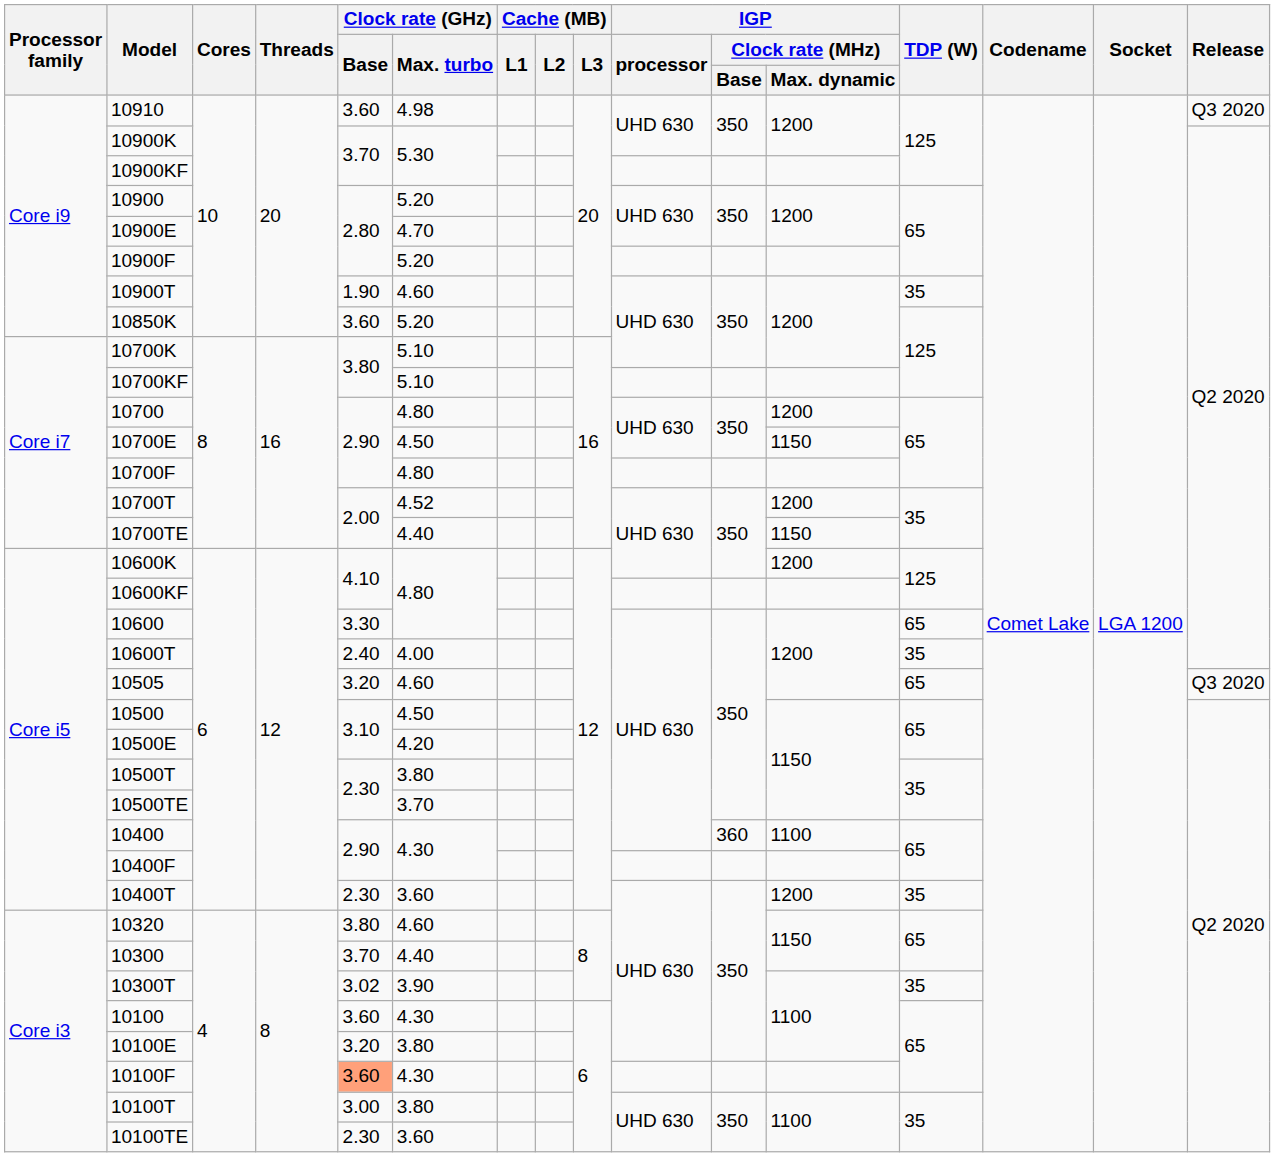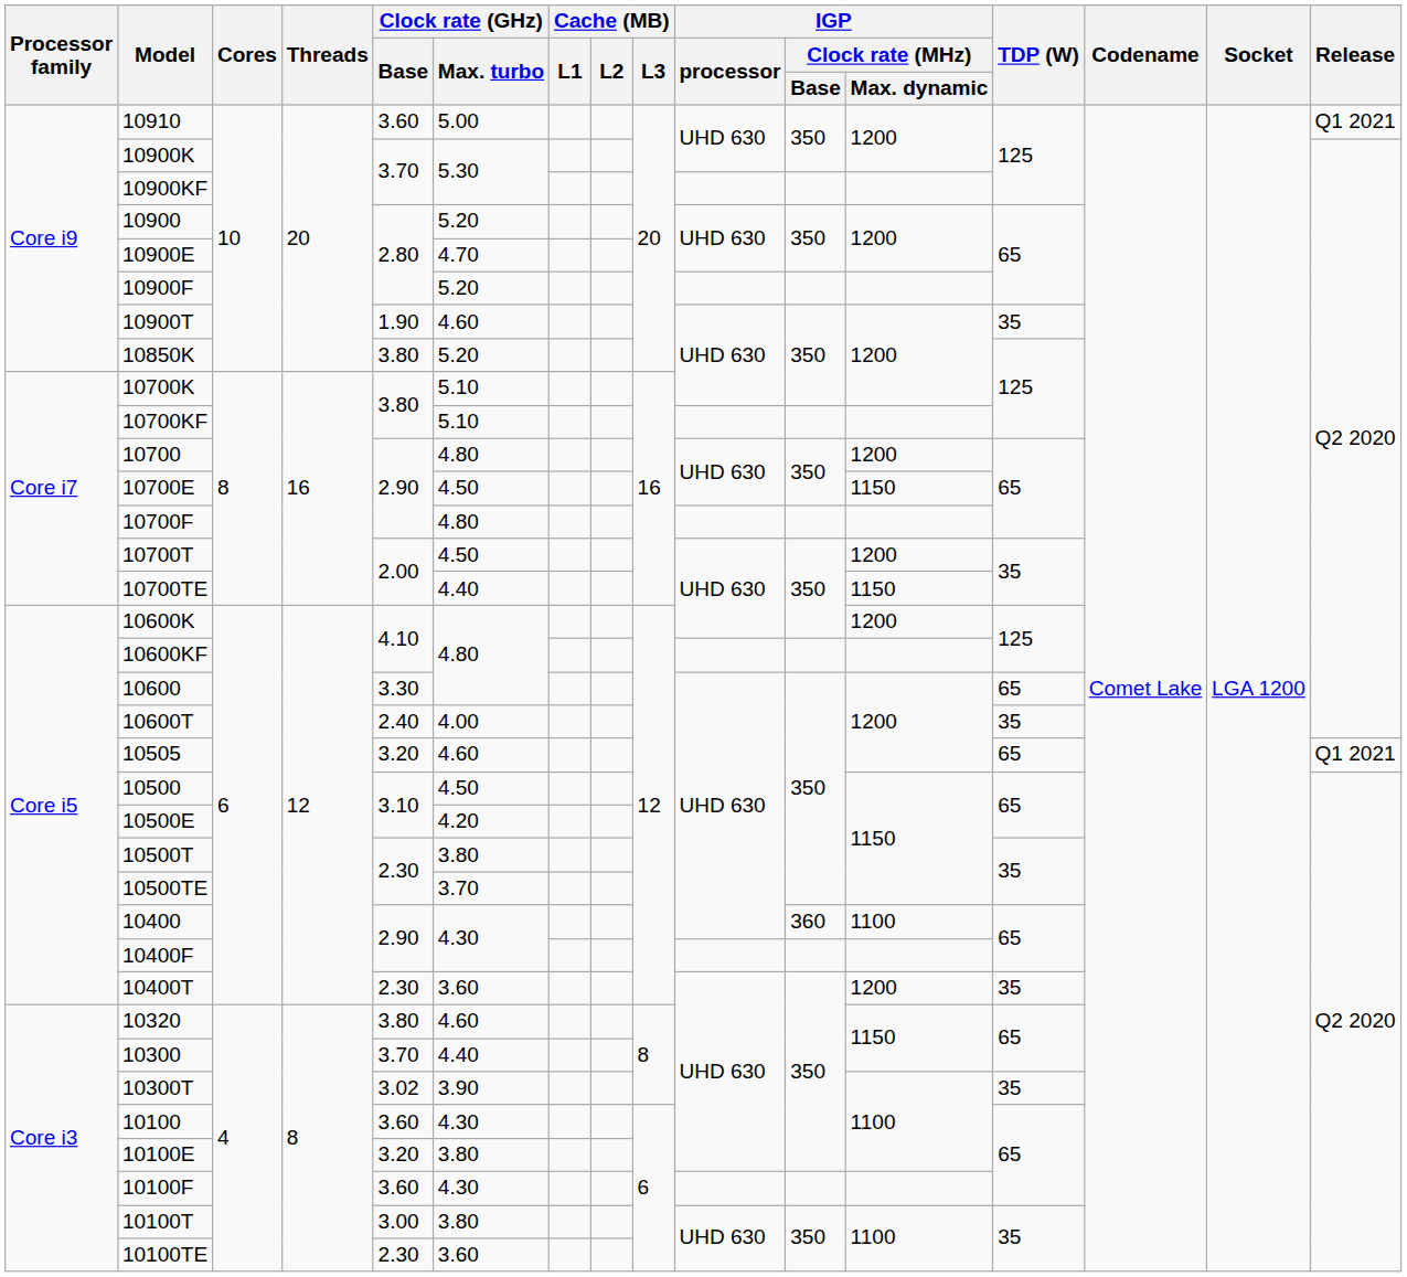 <table class="wikitable center sortable sort-under mw-collapsible">
 <tr>
 <th rowspan=3>Processor <br>family</th>
 <th rowspan=3 data-sort-type=text>Model</th>
 <th rowspan=3 data-sort-type=number>Cores</th>
 <th rowspan=3 data-sort-type=number>Threads</th>
 <th colspan=2><a href='#'>Clock rate</a> (GHz)</th>
 <th colspan=3><a href='#'> Cache</a> (MB)</th>
 <th colspan=3><a href='#'> IGP</a></th>
 <th rowspan=3 data-sort-type=number><a href='#'> TDP</a> (W)</th>
 <th rowspan=3 data-sort-type=text>Code­name</th>
 <th rowspan=3 data-sort-type=text>Socket</th>
 <th rowspan=3 data-sort-type=date>Release</th>
 </tr>
 <tr>
 <th rowspan=2 data-sort-type=number>Base</th>
 <th rowspan=2 data-sort-type=number>Max. <a href='#'> turbo</a></th>
 <th rowspan=2 data-sort-type=number>L1</th>
 <th rowspan=2 data-sort-type=number>L2</th>
 <th rowspan=2 data-sort-type=number>L3</th>
 <th rowspan=2 data-sort-type=text>processor</th>
 <th colspan=2><a href='#'>Clock rate</a> (MHz)</th>
 </tr>
 <tr>
 <th data-sort-type=number>Base</th>
 <th data-sort-type=number>Max. dynamic</th>
 </tr>
 <tr>
 <td rowspan="8"><a href='#'>Core i9</a></td>
 <td>10910</td>
 <td rowspan="8">10</td>
 <td rowspan="8">20</td>
 <td>3.60</td>
-<td 5.00>4.98</td>
+<td 5.00>5.00</td>
 <td></td>
 <td></td>
 <td rowspan="8">20</td>
 <td rowspan="2">UHD 630</td>
 <td rowspan="2">350</td>
 <td rowspan="2">1200</td>
 <td rowspan=3>125</td>
 <td rowspan="35"><a href='#'>Comet Lake</a></td>
 <td rowspan="35"><a href='#'>LGA 1200</a></td>
-<td>Q3 2020</td>
+<td>Q1 2021</td>
 </tr>
 <tr>
 <td>10900K</td>
 <td rowspan="2">3.70</td>
 <td rowspan="2">5.30</td>
 <td></td>
 <td></td>
 <td rowspan="18">Q2 2020</td>
 </tr>
 <tr>
 <td>10900KF</td>
 <td></td>
 <td></td>
 <td></td>
 <td></td>
 <td></td>
 </tr>
 <tr>
 <td>10900</td>
 <td rowspan="3">2.80</td>
 <td 5.20>5.20</td>
 <td></td>
 <td></td>
 <td rowspan="2">UHD 630</td>
 <td rowspan="2">350</td>
 <td rowspan="2">1200</td>
 <td rowspan=3>65</td>
 </tr>
 <tr>
 <td>10900E</td>
 <td 4.70>4.70</td>
 <td></td>
 <td></td>
 </tr>
 <tr>
 <td>10900F</td>
 <td 5.20>5.20</td>
 <td></td>
 <td></td>
 <td></td>
 <td></td>
 <td></td>
 </tr>
 <tr>
 <td>10900T</td>
 <td>1.90</td>
 <td 4.60>4.60</td>
 <td></td>
 <td></td>
 <td rowspan="3">UHD 630</td>
 <td rowspan="3">350</td>
 <td rowspan="3">1200</td>
 <td>35</td>
 </tr>
 <tr>
 <td>10850K</td>
-<td>3.60</td>
+<td>3.80</td>
 <td 5.20>5.20</td>
 <td></td>
 <td></td>
 <td rowspan=3>125</td>
 </tr>
 <tr>
 <td rowspan="7"><a href='#'>Core i7</a></td>
 <td>10700K</td>
 <td rowspan="7">8</td>
 <td rowspan="7">16</td>
 <td rowspan="2">3.80</td>
 <td>5.10</td>
 <td></td>
 <td></td>
 <td rowspan="7">16</td>
 </tr>
 <tr>
 <td>10700KF</td>
 <td 5.10>5.10</td>
 <td></td>
 <td></td>
 <td></td>
 <td></td>
 <td></td>
 </tr>
 <tr>
 <td>10700</td>
 <td rowspan="3">2.90</td>
 <td 4.80>4.80</td>
 <td></td>
 <td></td>
 <td rowspan="2">UHD 630</td>
 <td rowspan="2">350</td>
 <td>1200</td>
 <td rowspan=3>65</td>
 </tr>
 <tr>
 <td>10700E</td>
 <td 4.50>4.50</td>
 <td></td>
 <td></td>
 <td>1150</td>
 </tr>
 <tr>
 <td>10700F</td>
 <td 4.80>4.80</td>
 <td></td>
 <td></td>
 <td></td>
 <td></td>
 <td></td>
 </tr>
 <tr>
 <td>10700T</td>
 <td rowspan="2">2.00</td>
-<td 4.50>4.52</td>
+<td 4.50>4.50</td>
 <td></td>
 <td></td>
 <td rowspan="3">UHD 630</td>
 <td rowspan="3">350</td>
 <td>1200</td>
 <td rowspan=2>35</td>
 </tr>
 <tr>
 <td>10700TE</td>
 <td 4.40>4.40</td>
 <td></td>
 <td></td>
 <td>1150</td>
 </tr>
 <tr>
 <td rowspan="12"><a href='#'>Core i5</a></td>
 <td>10600K</td>
 <td rowspan="12">6</td>
 <td rowspan="12">12</td>
 <td rowspan="2">4.10</td>
 <td rowspan="3">4.80</td>
 <td></td>
 <td></td>
 <td rowspan="12">12</td>
 <td>1200</td>
 <td rowspan=2>125</td>
 </tr>
 <tr>
 <td>10600KF</td>
 <td></td>
 <td></td>
 <td></td>
 <td></td>
 <td></td>
 </tr>
 <tr>
 <td>10600</td>
 <td>3.30</td>
 <td></td>
 <td></td>
 <td rowspan="8">UHD 630</td>
 <td rowspan="7">350</td>
 <td rowspan="3">1200</td>
 <td>65</td>
 </tr>
 <tr>
 <td>10600T</td>
 <td>2.40</td>
 <td 4.00>4.00</td>
 <td></td>
 <td></td>
 <td>35</td>
 </tr>
 <tr>
 <td>10505</td>
 <td>3.20</td>
 <td>4.60</td>
 <td></td>
 <td></td>
 <td>65</td>
-<td>Q3 2020</td>
+<td>Q1 2021</td>
 </tr>
 <tr>
 <td>10500</td>
 <td rowspan="2">3.10</td>
 <td 4.50>4.50</td>
 <td></td>
 <td></td>
 <td rowspan="4">1150</td>
 <td rowspan="2">65</td>
 <td rowspan="15">Q2 2020</td>
 </tr>
 <tr>
 <td>10500E</td>
 <td 4.20>4.20</td>
 <td></td>
 <td></td>
 </tr>
 <tr>
 <td>10500T</td>
 <td rowspan="2">2.30</td>
 <td 3.80>3.80</td>
 <td></td>
 <td></td>
 <td rowspan="2">35</td>
 </tr>
 <tr>
 <td>10500TE</td>
 <td 3.70>3.70</td>
 <td></td>
 <td></td>
 </tr>
 <tr>
 <td>10400</td>
 <td rowspan="2">2.90</td>
 <td rowspan="2">4.30</td>
 <td></td>
 <td></td>
 <td>360</td>
 <td>1100</td>
 <td rowspan="2">65</td>
 </tr>
 <tr>
 <td>10400F</td>
 <td></td>
 <td></td>
 <td></td>
 <td></td>
 <td></td>
 </tr>
 <tr>
 <td>10400T</td>
 <td>2.30</td>
 <td 3.80>3.60</td>
 <td></td>
 <td></td>
 <td rowspan="6">UHD 630</td>
 <td rowspan="6">350</td>
 <td>1200</td>
 <td>35</td>
 </tr>
 <tr>
 <td rowspan="8"><a href='#'>Core i3</a></td>
 <td>10320</td>
 <td rowspan="8">4</td>
 <td rowspan="8">8</td>
 <td>3.80</td>
 <td 4.60>4.60</td>
 <td></td>
 <td></td>
 <td rowspan="3">8</td>
 <td rowspan="2">1150</td>
 <td rowspan="2">65</td>
 </tr>
 <tr>
 <td>10300</td>
 <td>3.70</td>
 <td>4.40</td>
 <td></td>
 <td></td>
 </tr>
 <tr>
 <td>10300T</td>
 <td>3.02</td>
 <td 3.90>3.90</td>
 <td></td>
 <td></td>
 <td rowspan="3">1100</td>
 <td>35</td>
 </tr>
 <tr>
 <td>10100</td>
 <td>3.60</td>
 <td 4.30>4.30</td>
 <td></td>
 <td></td>
 <td rowspan="5">6</td>
 <td rowspan="3">65</td>
 </tr>
 <tr>
 <td>10100E</td>
 <td>3.20</td>
 <td 3.80>3.80</td>
 <td></td>
 <td></td>
 </tr>
 <tr>
 <td>10100F</td>
-<td style="background: lightsalmon;">3.60</td>
+<td>3.60</td>
 <td 4.30>4.30</td>
 <td></td>
 <td></td>
 <td></td>
 <td></td>
 <td></td>
 </tr>
 <tr>
 <td>10100T</td>
 <td>3.00</td>
 <td 3.80>3.80</td>
 <td></td>
 <td></td>
 <td rowspan="2">UHD 630</td>
 <td rowspan="2">350</td>
 <td rowspan="2">1100</td>
 <td rowspan="2">35</td>
 </tr>
 <tr>
 <td>10100TE</td>
 <td>2.30</td>
 <td 3.60>3.60</td>
 <td></td>
 <td></td>
 </tr>
 </table>
